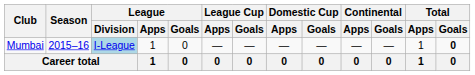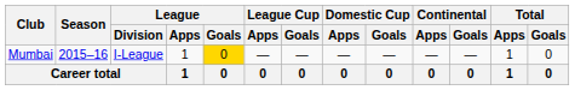 <table class="wikitable" style="text-align: center;">
 <tr>
 <th rowspan="2">Club</th>
 <th rowspan="2">Season</th>
 <th colspan="3">League</th>
 <th colspan="2">League Cup</th>
 <th colspan="2">Domestic Cup</th>
 <th colspan="2">Continental</th>
 <th colspan="2">Total</th>
 </tr>
 <tr>
 <th>Division</th>
 <th>Apps</th>
 <th>Goals</th>
 <th>Apps</th>
 <th>Goals</th>
 <th>Apps</th>
 <th>Goals</th>
 <th>Apps</th>
 <th>Goals</th>
 <th>Apps</th>
 <th>Goals</th>
 </tr>
 <tr>
 <td rowspan="1"><a href='#'>Mumbai</a></td>
 <td><a href='#'>2015–16</a></td>
-<td style="background: lightblue;"><a href='#'>I-League</a></td>
+<td><a href='#'>I-League</a></td>
 <td>1</td>
-<td>0</td>
+<td style="background: gold;">0</td>
 <td>—</td>
 <td>—</td>
 <td>—</td>
 <td>—</td>
 <td>—</td>
 <td>—</td>
 <td>1</td>
-<td><strong>0</strong></td>
+<td>0</td>
 </tr>
 <tr>
 <th colspan="3">Career total</th>
 <th>1</th>
 <th>0</th>
 <th>0</th>
 <th>0</th>
 <th>0</th>
 <th>0</th>
 <th>0</th>
 <th>0</th>
 <th>1</th>
 <th>0</th>
 </tr>
 </table>
